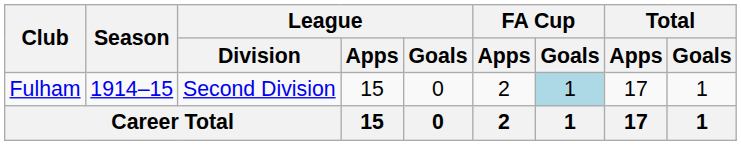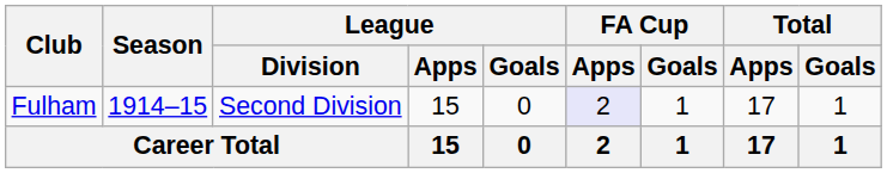 <table class="wikitable" style="text-align: center;">
 <tr>
 <th rowspan="2">Club</th>
 <th rowspan="2">Season</th>
 <th colspan="3">League</th>
 <th colspan="2">FA Cup</th>
 <th colspan="2">Total</th>
 </tr>
 <tr>
 <th>Division</th>
 <th>Apps</th>
 <th>Goals</th>
 <th>Apps</th>
 <th>Goals</th>
 <th>Apps</th>
 <th>Goals</th>
 </tr>
 <tr>
 <td><a href='#'>Fulham</a></td>
 <td><a href='#'>1914–15</a></td>
 <td><a href='#'>Second Division</a></td>
 <td>15</td>
 <td>0</td>
-<td>2</td>
-<td style="background: lightblue;">1</td>
+<td style="background: lavender;">2</td>
+<td>1</td>
 <td>17</td>
 <td>1</td>
 </tr>
 <tr>
 <th colspan="3">Career Total</th>
 <th>15</th>
 <th>0</th>
 <th>2</th>
 <th>1</th>
 <th>17</th>
 <th>1</th>
 </tr>
 </table>
